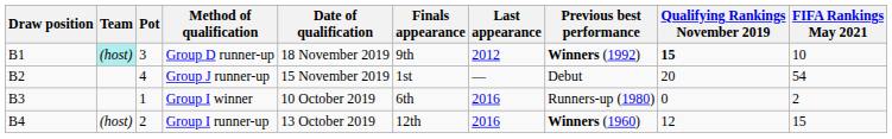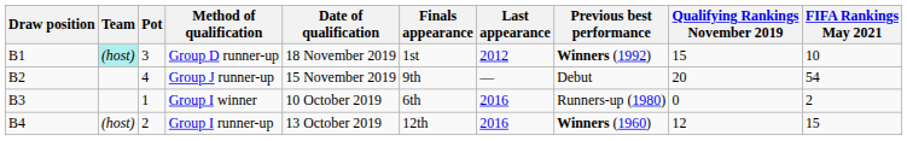 <table class="wikitable sortable">
 <tr>
 <th>Draw posi­tion</th>
 <th>Team</th>
 <th>Pot</th>
 <th>Method of<br>quali­fication</th>
 <th>Date of<br>quali­fication</th>
 <th data-sort-type="number">Finals<br>appea­rance</th>
 <th>Last<br>appea­rance</th>
 <th>Previous best<br>perfor­mance</th>
 <th><a href='#'>Qualifying Rankings</a><br>November 2019</th>
 <th><a href='#'>FIFA Rankings</a><br>May 2021</th>
 </tr>
 <tr>
 <td>B1</td>
 <td style="background: paleturquoise; white-space:nowrap"> <em>(host)</em></td>
 <td>3</td>
 <td><a href='#'>Group D</a> runner-up</td>
 <td>18 November 2019</td>
-<td>9th</td>
+<td>1st</td>
 <td><a href='#'>2012</a></td>
 <td data-sort-value="1"><strong>Winners</strong> (<a href='#'>1992</a>)</td>
-<td><strong>15</strong></td>
+<td>15</td>
 <td>10</td>
 </tr>
 <tr>
 <td>B2</td>
 <td style="white-space:nowrap"></td>
 <td>4</td>
 <td><a href='#'>Group J</a> runner-up</td>
 <td>15 November 2019</td>
-<td>1st</td>
+<td>9th</td>
 <td>—</td>
 <td data-sort-value="99">Debut</td>
 <td>20</td>
 <td>54</td>
 </tr>
 <tr>
 <td>B3</td>
 <td style="white-space:nowrap"></td>
 <td>1</td>
 <td><a href='#'>Group I</a> winner</td>
 <td>10 October 2019</td>
 <td>6th</td>
 <td><a href='#'>2016</a></td>
 <td data-sort-value="2">Runners-up (<a href='#'>1980</a>)</td>
 <td>0</td>
 <td>2</td>
 </tr>
 <tr>
 <td>B4</td>
 <td style="white-space:nowrap"> <em>(host)</em></td>
 <td>2</td>
 <td><a href='#'>Group I</a> runner-up</td>
 <td>13 October 2019</td>
 <td>12th</td>
 <td><a href='#'>2016</a></td>
 <td data-sort-value="1"><strong>Winners</strong> (<a href='#'>1960</a>)</td>
 <td>12</td>
 <td>15</td>
 </tr>
 </table>
